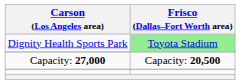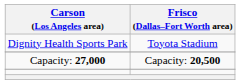 <table class="wikitable" style="margin:1em auto; text-align:center;">
 <tr>
 <th><a href='#'>Carson</a><br><small> (<a href='#'>Los Angeles</a> area)</small></th>
 <th><a href='#'>Frisco</a><br><small> (<a href='#'>Dallas–Fort Worth</a> area)</small></th>
 </tr>
 <tr>
 <td><a href='#'>Dignity Health Sports Park</a></td>
-<td style="background: lightgreen;"><a href='#'>Toyota Stadium</a></td>
+<td><a href='#'>Toyota Stadium</a></td>
 </tr>
 <tr>
 </tr>
 <tr>
 <td>Capacity: <strong>27,000</strong></td>
 <td>Capacity: <strong>20,500</strong></td>
 </tr>
 <tr>
 </tr>
 <tr>
 <td></td>
 <td></td>
 </tr>
 <tr>
 <th colspan=2><div></div></th>
 </tr>
 </table>
